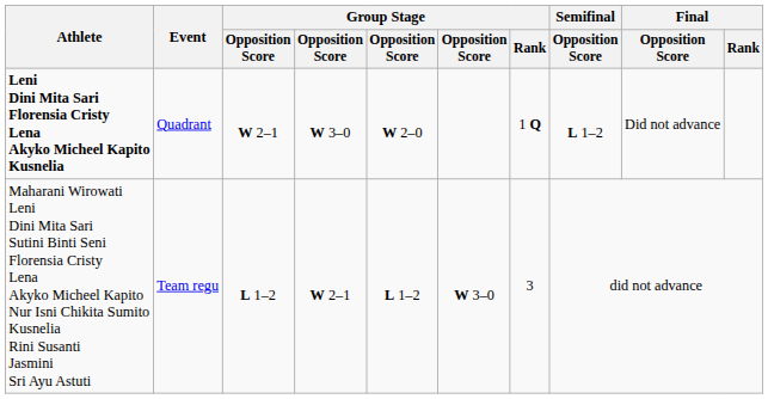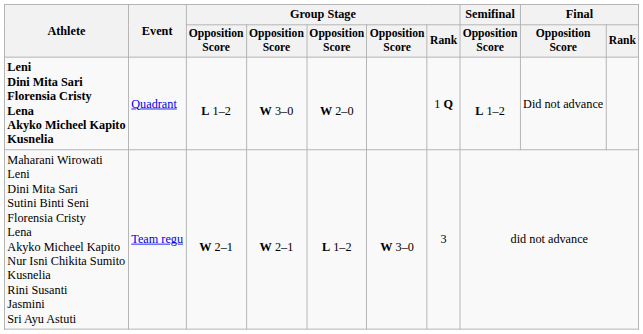 <table class=wikitable style=font-size:90%;text-align:center>
 <tr>
 <th rowspan="2">Athlete</th>
 <th rowspan="2">Event</th>
 <th colspan=5>Group Stage</th>
 <th>Semifinal</th>
 <th colspan=2>Final</th>
 </tr>
 <tr style="font-size:95%">
 <th>Opposition<br>Score</th>
 <th>Opposition<br>Score</th>
 <th>Opposition<br>Score</th>
 <th>Opposition<br>Score</th>
 <th>Rank</th>
 <th>Opposition<br>Score</th>
 <th>Opposition<br>Score</th>
 <th>Rank</th>
 </tr>
 <tr>
 <td align=left><strong>Leni<br>Dini Mita Sari<br>Florensia Cristy<br>Lena<br>Akyko Micheel Kapito<br>Kusnelia</strong></td>
 <td align=left><a href='#'>Quadrant</a></td>
-<td><br><strong>W</strong> 2–1</td>
+<td><br><strong>L</strong> 1–2</td>
 <td><br><strong>W</strong> 3–0</td>
 <td><br><strong>W</strong> 2–0</td>
 <td></td>
 <td>1 <strong>Q</strong></td>
 <td><br><strong>L</strong> 1–2</td>
 <td>Did not advance</td>
 <td></td>
 </tr>
 <tr>
 <td align=left>Maharani Wirowati<br>Leni<br>Dini Mita Sari<br>Sutini Binti Seni<br>Florensia Cristy<br>Lena<br>Akyko Micheel Kapito<br>Nur Isni Chikita Sumito<br>Kusnelia<br>Rini Susanti<br>Jasmini<br>Sri Ayu Astuti</td>
 <td align=left><a href='#'>Team regu</a></td>
-<td><br><strong>L</strong> 1–2</td>
+<td><br><strong>W</strong> 2–1</td>
 <td><br><strong>W</strong> 2–1</td>
 <td><br><strong>L</strong> 1–2</td>
 <td><br><strong>W</strong> 3–0</td>
 <td>3</td>
 <td colspan=3>did not advance</td>
 </tr>
 </table>
